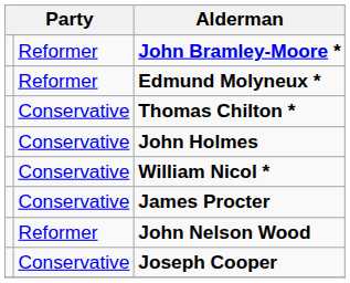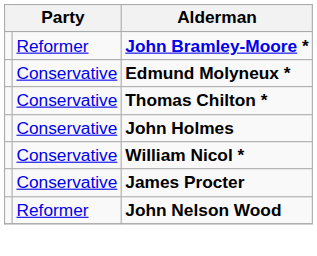 <table class="wikitable">
 <tr>
 <th colspan="2">Party</th>
 <th>Alderman</th>
 </tr>
 <tr>
 <td style="background-color:"></td>
 <td><a href='#'>Reformer</a></td>
 <td><strong><a href='#'>John Bramley-Moore</a> *</strong></td>
 </tr>
 <tr>
 <td style="background-color:"></td>
-<td><a href='#'>Reformer</a></td>
+<td><a href='#'>Conservative</a></td>
 <td><strong>Edmund Molyneux *</strong></td>
 </tr>
 <tr>
 <td style="background-color:"></td>
 <td><a href='#'>Conservative</a></td>
 <td><strong>Thomas Chilton *</strong></td>
 </tr>
 <tr>
 <td style="background-color:"></td>
 <td><a href='#'>Conservative</a></td>
 <td><strong>John Holmes</strong></td>
 </tr>
 <tr>
 <td style="background-color:"></td>
 <td><a href='#'>Conservative</a></td>
 <td><strong>William Nicol *</strong></td>
 </tr>
 <tr>
 <td style="background-color:"></td>
 <td><a href='#'>Conservative</a></td>
 <td><strong>James Procter</strong></td>
 </tr>
 <tr>
 <td style="background-color:"></td>
 <td><a href='#'>Reformer</a></td>
 <td><strong>John Nelson Wood</strong></td>
 </tr>
 <tr>
-<td style="background-color:"></td>
-<td><a href='#'>Conservative</a></td>
-<td><strong>Joseph Cooper</strong></td>
-</tr>
-<tr>
 </tr>
 </table>
